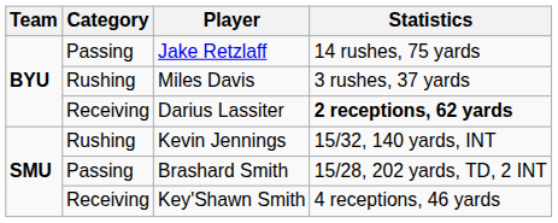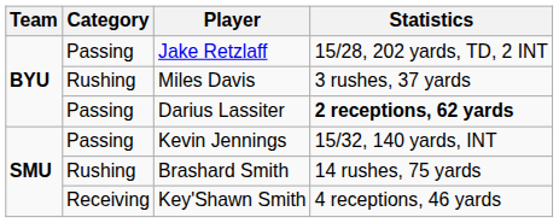 <table class="wikitable" style="float: right;">
 <tr>
 <th>Team</th>
 <th>Category</th>
 <th>Player</th>
 <th>Statistics</th>
 </tr>
 <tr>
 <td rowspan=3><strong>BYU</strong></td>
 <td>Passing</td>
 <td><a href='#'>Jake Retzlaff</a></td>
-<td>14 rushes, 75 yards</td>
+<td>15/28, 202 yards, TD, 2 INT</td>
 </tr>
 <tr>
 <td>Rushing</td>
 <td>Miles Davis</td>
 <td>3 rushes, 37 yards</td>
 </tr>
 <tr>
-<td>Receiving</td>
+<td>Passing</td>
 <td>Darius Lassiter</td>
 <td><strong>2 receptions, 62 yards</strong></td>
 </tr>
 <tr>
 <td rowspan=3><strong>SMU</strong></td>
-<td>Rushing</td>
+<td>Passing</td>
 <td>Kevin Jennings</td>
 <td>15/32, 140 yards, INT</td>
 </tr>
 <tr>
-<td>Passing</td>
+<td>Rushing</td>
 <td>Brashard Smith</td>
-<td>15/28, 202 yards, TD, 2 INT</td>
+<td>14 rushes, 75 yards</td>
 </tr>
 <tr>
 <td>Receiving</td>
 <td>Key'Shawn Smith</td>
 <td>4 receptions, 46 yards</td>
 </tr>
 </table>
